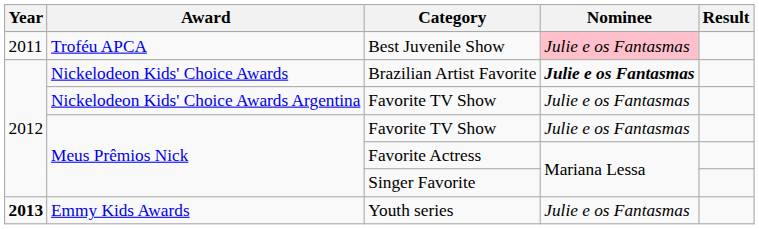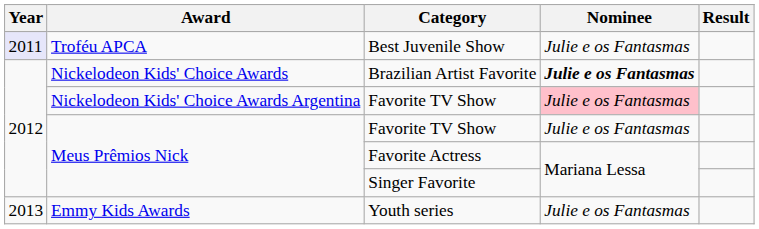 <table class="wikitable">
 <tr>
 <th>Year</th>
 <th>Award</th>
 <th>Category</th>
 <th>Nominee</th>
 <th>Result</th>
 </tr>
 <tr>
-<td>2011</td>
+<td style="background: lavender;">2011</td>
 <td><a href='#'>Troféu APCA</a></td>
 <td>Best Juvenile Show</td>
-<td style="background: pink;"><em>Julie e os Fantasmas</em></td>
+<td><em>Julie e os Fantasmas</em></td>
 <td></td>
 </tr>
 <tr>
 <td rowspan=5>2012</td>
 <td><a href='#'>Nickelodeon Kids' Choice Awards</a></td>
 <td>Brazilian Artist Favorite</td>
 <td><strong><em>Julie e os Fantasmas</em></strong></td>
 <td></td>
 </tr>
 <tr>
 <td><a href='#'>Nickelodeon Kids' Choice Awards Argentina</a></td>
 <td>Favorite TV Show</td>
-<td><em>Julie e os Fantasmas</em></td>
+<td style="background: pink;"><em>Julie e os Fantasmas</em></td>
 <td></td>
 </tr>
 <tr>
 <td rowspan=3><a href='#'>Meus Prêmios Nick</a></td>
 <td>Favorite TV Show</td>
 <td><em>Julie e os Fantasmas</em></td>
 <td></td>
 </tr>
 <tr>
 <td>Favorite Actress</td>
 <td rowspan=2>Mariana Lessa</td>
 <td></td>
 </tr>
 <tr>
 <td>Singer Favorite</td>
 <td></td>
 </tr>
 <tr>
-<td><strong>2013</strong></td>
+<td>2013</td>
 <td><a href='#'>Emmy Kids Awards</a></td>
 <td>Youth series</td>
 <td><em>Julie e os Fantasmas</em></td>
 <td></td>
 </tr>
 </table>
